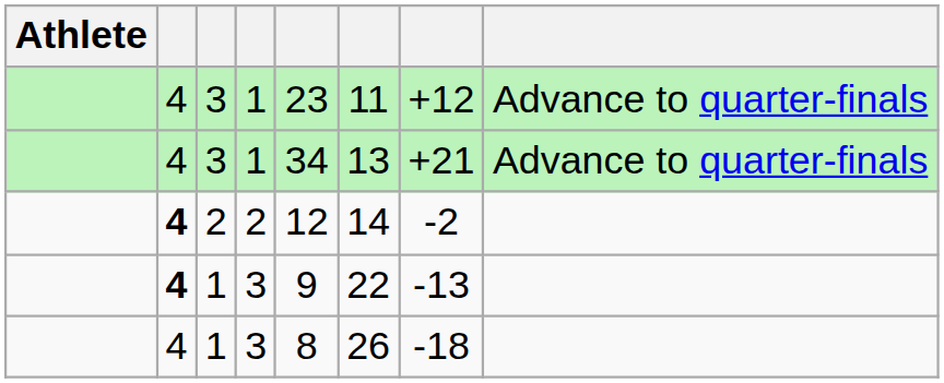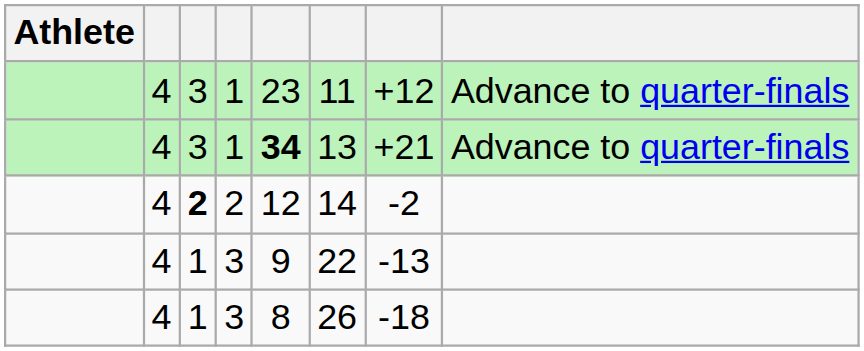 <table class=wikitable style="text-align:center">
 <tr>
 <th>Athlete</th>
 <th></th>
 <th></th>
 <th></th>
 <th></th>
 <th></th>
 <th></th>
 <th></th>
 </tr>
 <tr bgcolor=bbf3bb>
 <td style="text-align:left"></td>
 <td>4</td>
 <td>3</td>
 <td>1</td>
 <td>23</td>
 <td>11</td>
 <td>+12</td>
 <td>Advance to <a href='#'>quarter-finals</a></td>
 </tr>
 <tr bgcolor=bbf3bb>
 <td style="text-align:left"></td>
 <td>4</td>
 <td>3</td>
 <td>1</td>
-<td>34</td>
+<td><strong>34</strong></td>
 <td>13</td>
 <td>+21</td>
 <td>Advance to <a href='#'>quarter-finals</a></td>
 </tr>
 <tr>
 <td style="text-align:left"></td>
-<td><strong>4</strong></td>
-<td>2</td>
+<td>4</td>
+<td><strong>2</strong></td>
 <td>2</td>
 <td>12</td>
 <td>14</td>
 <td>-2</td>
 <td></td>
 </tr>
 <tr>
 <td style="text-align:left"></td>
-<td><strong>4</strong></td>
+<td>4</td>
 <td>1</td>
 <td>3</td>
 <td>9</td>
 <td>22</td>
 <td>-13</td>
 <td></td>
 </tr>
 <tr>
 <td style="text-align:left"></td>
 <td>4</td>
 <td>1</td>
 <td>3</td>
 <td>8</td>
 <td>26</td>
 <td>-18</td>
 <td></td>
 </tr>
 </table>
